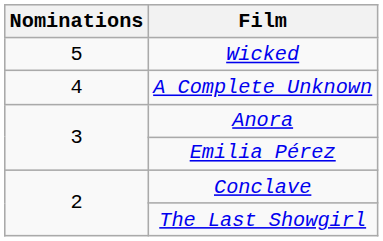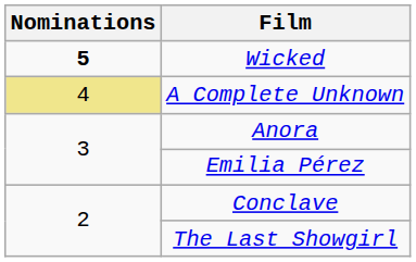 <table class="wikitable plainrowheaders" style="text-align: center">
 <tr>
 <th scope="col" style="width:55px;">Nominations</th>
 <th scope="col" style="text-align:center;">Film</th>
 </tr>
 <tr>
-<td scope="row" style="text-align:center">5</td>
+<td scope="row" style="text-align:center"><strong>5</strong></td>
 <td><em><a href='#'>Wicked</a></em></td>
 </tr>
 <tr>
-<td scope="row" style="text-align:center">4</td>
+<td scope="row" style="background: khaki; text-align:center">4</td>
 <td><em><a href='#'>A Complete Unknown</a></em></td>
 </tr>
 <tr>
 <td scope="row" style="text-align:center" rowspan="2">3</td>
 <td><em><a href='#'>Anora</a></em></td>
 </tr>
 <tr>
 <td><em><a href='#'>Emilia Pérez</a></em></td>
 </tr>
 <tr>
 <td scope="row" style="text-align:center" rowspan="2">2</td>
 <td><em><a href='#'>Conclave</a></em></td>
 </tr>
 <tr>
 <td><em><a href='#'>The Last Showgirl</a></em></td>
 </tr>
 </table>
